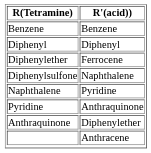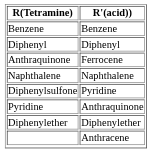 <table border=1 align="center">
 <tr>
 <th>R(Tetramine)</th>
 <th>R'(acid))</th>
 </tr>
 <tr>
 <td>Benzene</td>
 <td>Benzene</td>
 </tr>
 <tr>
 <td>Diphenyl</td>
 <td>Diphenyl</td>
 </tr>
 <tr>
-<td>Diphenylether</td>
+<td>Anthraquinone</td>
 <td>Ferrocene</td>
 </tr>
 <tr>
-<td>Diphenylsulfone</td>
+<td>Naphthalene</td>
 <td>Naphthalene</td>
 </tr>
 <tr>
-<td>Naphthalene</td>
+<td>Diphenylsulfone</td>
 <td>Pyridine</td>
 </tr>
 <tr>
 <td>Pyridine</td>
 <td>Anthraquinone</td>
 </tr>
 <tr>
-<td>Anthraquinone</td>
+<td>Diphenylether</td>
 <td>Diphenylether</td>
 </tr>
 <tr>
 <td></td>
 <td>Anthracene</td>
 </tr>
 <tr>
 </tr>
 </table>
